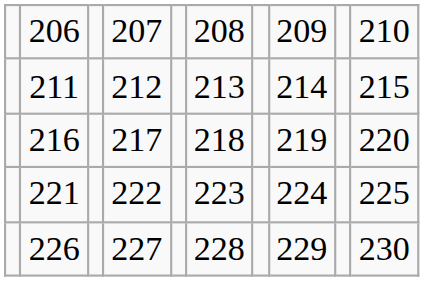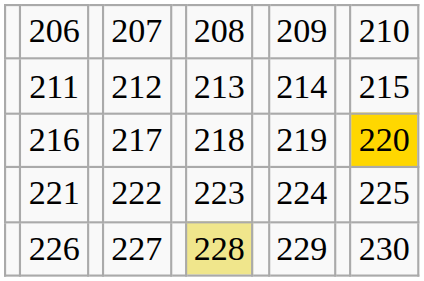 <table class="wikitable" style="text-align:center">
 <tr>
 <td></td>
 <td>206<br><big></big></td>
 <td></td>
 <td>207<br><big></big></td>
 <td></td>
 <td>208<br><big></big></td>
 <td></td>
 <td>209<br><big></big></td>
 <td></td>
 <td>210<br><big></big></td>
 </tr>
 <tr>
 <td></td>
 <td>211<br><big></big></td>
 <td></td>
 <td>212<br><big></big></td>
 <td></td>
 <td>213<br><big></big></td>
 <td></td>
 <td>214<br><big></big></td>
 <td></td>
 <td>215<br><big></big></td>
 </tr>
 <tr>
 <td></td>
 <td>216<br><big></big></td>
 <td></td>
 <td>217<br><big></big></td>
 <td></td>
 <td>218<br><big></big></td>
 <td></td>
 <td>219<br><big></big></td>
 <td></td>
-<td>220<br><big></big></td>
+<td style="background: gold;">220<br><big></big></td>
 </tr>
 <tr>
 <td></td>
 <td>221<br><big></big></td>
 <td></td>
 <td>222<br><big></big></td>
 <td></td>
 <td>223<br><big></big></td>
 <td></td>
 <td>224<br><big></big></td>
 <td></td>
 <td>225<br><big></big></td>
 </tr>
 <tr>
 <td></td>
 <td>226<br><big></big></td>
 <td></td>
 <td>227<br><big></big></td>
 <td></td>
-<td>228<br><big></big></td>
+<td style="background: khaki;">228<br><big></big></td>
 <td></td>
 <td>229<br><big></big></td>
 <td></td>
 <td>230<br><big></big></td>
 </tr>
 </table>
